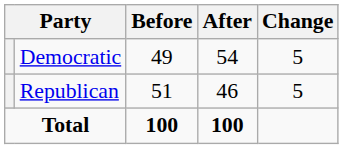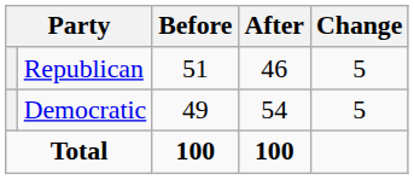 <table class="wikitable" style="text-align:center;">
 <tr>
 <th colspan="2">Party</th>
 <th>Before</th>
 <th>After</th>
 <th>Change</th>
 </tr>
 <tr>
 <th style="background-color:"></th>
-<td style="text-align:left;"><a href='#'>Democratic</a></td>
-<td>49</td>
-<td>54</td>
+<td style="text-align:left;"><a href='#'>Republican</a></td>
+<td>51</td>
+<td>46</td>
 <td> 5</td>
 </tr>
 <tr>
 <th style="background-color:"></th>
-<td style="text-align:left;"><a href='#'>Republican</a></td>
-<td>51</td>
-<td>46</td>
+<td style="text-align:left;"><a href='#'>Democratic</a></td>
+<td>49</td>
+<td>54</td>
 <td> 5</td>
 </tr>
 <tr>
 <td colspan="2"><strong>Total</strong></td>
 <td><strong>100</strong></td>
 <td><strong>100</strong></td>
 <td></td>
 </tr>
 </table>
